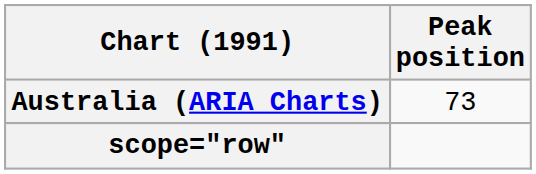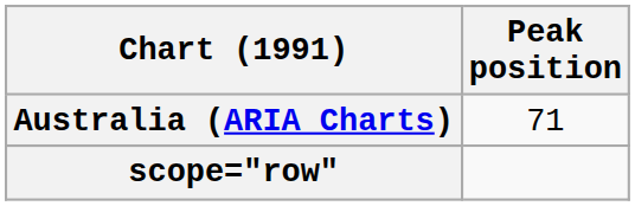 <table class="wikitable sortable plainrowheaders" style="text-align:center;">
 <tr>
 <th scope="col">Chart (1991)</th>
 <th scope="col">Peak<br>position</th>
 </tr>
 <tr>
 <th scope="row">Australia (<a href='#'>ARIA Charts</a>)</th>
-<td>73</td>
+<td>71</td>
 </tr>
 <tr>
 </tr>
 <tr>
 <th>scope="row"</th>
 </tr>
 </table>
